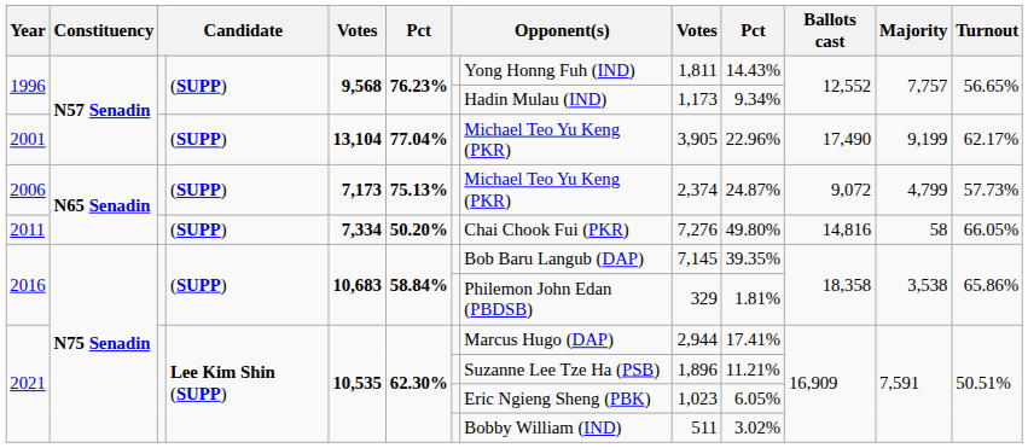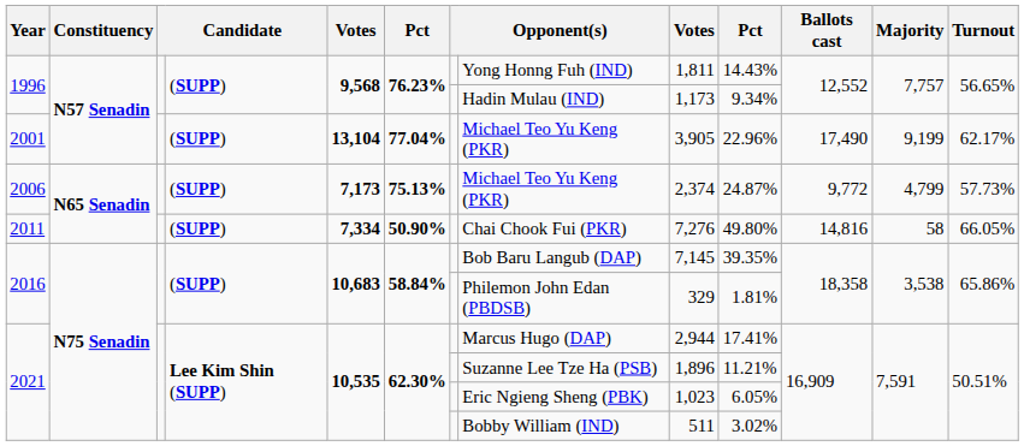 <table class="wikitable" style="margin:0.5em ; font-size:95%">
 <tr>
 <th>Year</th>
 <th>Constituency</th>
 <th colspan=2>Candidate</th>
 <th>Votes</th>
 <th>Pct</th>
 <th colspan=2>Opponent(s)</th>
 <th>Votes</th>
 <th>Pct</th>
 <th>Ballots cast</th>
 <th>Majority</th>
 <th>Turnout</th>
 </tr>
 <tr>
 <td rowspan="2"><a href='#'>1996</a></td>
 <td rowspan=3><strong>N57 <a href='#'>Senadin</a></strong></td>
 <td rowspan="2" ></td>
 <td rowspan="2"> (<a href='#'><strong>SUPP</strong></a>)</td>
 <td rowspan="2" style="text-align:right;"><strong>9,568</strong></td>
 <td rowspan="2"><strong>76.23%</strong></td>
 <td></td>
 <td>Yong Honng Fuh (<a href='#'>IND</a>)</td>
 <td style="text-align:right;">1,811</td>
 <td style="text-align:right;">14.43%</td>
 <td rowspan="2" style="text-align:right;">12,552</td>
 <td rowspan="2" style="text-align:right;">7,757</td>
 <td rowspan="2" style="text-align:right;">56.65%</td>
 </tr>
 <tr>
 <td></td>
 <td>Hadin Mulau (<a href='#'>IND</a>)</td>
 <td style="text-align:right;">1,173</td>
 <td style="text-align:right;">9.34%</td>
 </tr>
 <tr>
 <td rowspan="1"><a href='#'>2001</a></td>
 <td rowspan="1" ></td>
 <td rowspan="1"> (<a href='#'><strong>SUPP</strong></a>)</td>
 <td rowspan="1" style="text-align:right;"><strong>13,104</strong></td>
 <td rowspan="1"><strong>77.04%</strong></td>
 <td></td>
 <td><a href='#'>Michael Teo Yu Keng</a> (<a href='#'>PKR</a>)</td>
 <td style="text-align:right;">3,905</td>
 <td style="text-align:right;">22.96%</td>
 <td rowspan="1" style="text-align:right;">17,490</td>
 <td rowspan="1" style="text-align:right;">9,199</td>
 <td rowspan="1" style="text-align:right;">62.17%</td>
 </tr>
 <tr>
 <td rowspan="1"><a href='#'>2006</a></td>
 <td rowspan=2><strong>N65 <a href='#'>Senadin</a></strong></td>
 <td rowspan="1" ></td>
 <td rowspan="1"> (<a href='#'><strong>SUPP</strong></a>)</td>
 <td rowspan="1" style="text-align:right;"><strong>7,173</strong></td>
 <td rowspan="1"><strong>75.13%</strong></td>
 <td></td>
 <td><a href='#'>Michael Teo Yu Keng</a> (<a href='#'>PKR</a>)</td>
 <td style="text-align:right;">2,374</td>
 <td style="text-align:right;">24.87%</td>
-<td rowspan="1" style="text-align:right;">9,072</td>
+<td rowspan="1" style="text-align:right;">9,772</td>
 <td rowspan="1" style="text-align:right;">4,799</td>
 <td rowspan="1" style="text-align:right;">57.73%</td>
 </tr>
 <tr>
 <td rowspan="1"><a href='#'>2011</a></td>
 <td rowspan="1" ></td>
 <td rowspan="1"> (<a href='#'><strong>SUPP</strong></a>)</td>
 <td rowspan="1" style="text-align:right;"><strong>7,334</strong></td>
-<td rowspan="1"><strong>50.20%</strong></td>
+<td rowspan="1"><strong>50.90%</strong></td>
 <td></td>
 <td>Chai Chook Fui (<a href='#'>PKR</a>)</td>
 <td style="text-align:right;">7,276</td>
 <td style="text-align:right;">49.80%</td>
 <td rowspan="1" style="text-align:right;">14,816</td>
 <td rowspan="1" style="text-align:right;">58</td>
 <td rowspan="1" style="text-align:right;">66.05%</td>
 </tr>
 <tr>
 <td rowspan="2"><a href='#'>2016</a></td>
 <td rowspan=6><strong>N75 <a href='#'>Senadin</a></strong></td>
 <td rowspan="2" ></td>
 <td rowspan="2"> (<a href='#'><strong>SUPP</strong></a>)</td>
 <td rowspan="2" style="text-align:right;"><strong>10,683</strong></td>
 <td rowspan="2"><strong>58.84%</strong></td>
 <td></td>
 <td>Bob Baru Langub (<a href='#'>DAP</a>)</td>
 <td style="text-align:right;">7,145</td>
 <td style="text-align:right;">39.35%</td>
 <td rowspan="2" style="text-align:right;">18,358</td>
 <td rowspan="2" style="text-align:right;">3,538</td>
 <td rowspan="2" style="text-align:right;">65.86%</td>
 </tr>
 <tr>
 <td></td>
 <td>Philemon John Edan (<a href='#'>PBDSB</a>)</td>
 <td style="text-align:right;">329</td>
 <td style="text-align:right;">1.81%</td>
 </tr>
 <tr>
 <td rowspan="4"><a href='#'>2021</a></td>
 <td rowspan="4" ></td>
 <td rowspan="4"><strong>Lee Kim Shin</strong> (<a href='#'><strong>SUPP</strong></a>)</td>
 <td rowspan="4" style="text-align:right;"><strong>10,535</strong></td>
 <td rowspan="4"><strong>62.30%</strong></td>
 <td></td>
 <td>Marcus Hugo (<a href='#'>DAP</a>)</td>
 <td style="text-align:right;">2,944</td>
 <td>17.41%</td>
 <td rowspan="4">16,909</td>
 <td rowspan="4">7,591</td>
 <td rowspan="4">50.51%</td>
 </tr>
 <tr>
 <td style="background-color:"></td>
 <td>Suzanne Lee Tze Ha (<a href='#'>PSB</a>)</td>
 <td style="text-align:right;">1,896</td>
 <td>11.21%</td>
 </tr>
 <tr>
 <td style="background:"></td>
 <td>Eric Ngieng Sheng (<a href='#'>PBK</a>)</td>
 <td style="text-align:right;">1,023</td>
 <td style="text-align:right;">6.05%</td>
 </tr>
 <tr>
 <td></td>
 <td>Bobby William (<a href='#'>IND</a>)</td>
 <td style="text-align:right;">511</td>
 <td style="text-align:right;">3.02%</td>
 </tr>
 </table>
